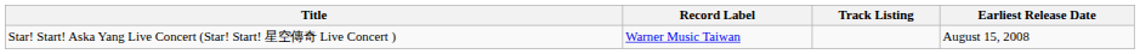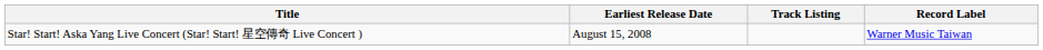 <table class="wikitable" border="1" width="70%">
 <tr>
 <th>Title</th>
+<th>Earliest Release Date</th>
+<th>Track Listing</th>
 <th>Record Label</th>
-<th>Track Listing</th>
-<th>Earliest Release Date</th>
 </tr>
 <tr>
 <td>Star! Start! Aska Yang Live Concert (Star! Start! 星空傳奇 Live Concert )</td>
+<td>August 15, 2008</td>
+<td></td>
 <td><a href='#'>Warner Music Taiwan</a></td>
-<td></td>
-<td>August 15, 2008</td>
 </tr>
 </table>
